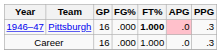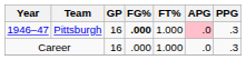 <table class="wikitable sortable" style="font-size:95%; text-align:right;">
 <tr>
 <th>Year</th>
 <th>Team</th>
 <th>GP</th>
 <th>FG%</th>
 <th>FT%</th>
 <th>APG</th>
 <th>PPG</th>
 </tr>
 <tr>
 <td style="text-align:left;"><a href='#'>1946–47</a></td>
 <td style="text-align:left;"><a href='#'>Pittsburgh</a></td>
 <td>16</td>
-<td>.000</td>
-<td><strong>1.000</strong></td>
+<td><strong>.000</strong></td>
+<td>1.000</td>
 <td style="background: pink;">.0</td>
 <td>.3</td>
 </tr>
 <tr>
 <td style="text-align:center;" colspan="2">Career</td>
 <td>16</td>
 <td>.000</td>
 <td>1.000</td>
 <td>.0</td>
 <td>.3</td>
 </tr>
 <tr>
 </tr>
 </table>
